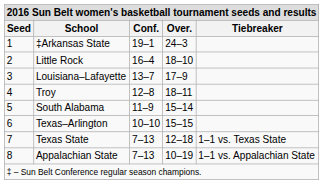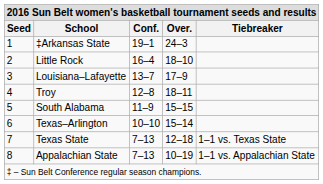 <table class="wikitable" style="white-space:nowrap; font-size:90%;">
 <tr>
 <td colspan="10" style="text-align:center; background:#DDDDDD; font:#000000"><strong>2016 Sun Belt women's basketball tournament seeds and results</strong></td>
 </tr>
 <tr bgcolor="#efefef">
 <th>Seed</th>
 <th>School</th>
 <th>Conf.</th>
 <th>Over.</th>
 <th>Tiebreaker</th>
 </tr>
 <tr>
 <td>1</td>
 <td>‡Arkansas State</td>
 <td>19–1</td>
 <td>24–3</td>
 <td></td>
 </tr>
 <tr>
 <td>2</td>
 <td>Little Rock</td>
 <td>16–4</td>
 <td>18–10</td>
 <td></td>
 </tr>
 <tr>
 <td>3</td>
 <td>Louisiana–Lafayette</td>
 <td>13–7</td>
 <td>17–9</td>
 <td></td>
 </tr>
 <tr>
 <td>4</td>
 <td>Troy</td>
 <td>12–8</td>
 <td>18–11</td>
 <td></td>
 </tr>
 <tr>
 <td>5</td>
 <td>South Alabama</td>
 <td>11–9</td>
-<td>15–14</td>
+<td>15–15</td>
 <td></td>
 </tr>
 <tr>
 <td>6</td>
 <td>Texas–Arlington</td>
 <td>10–10</td>
-<td>15–15</td>
+<td>15–14</td>
 <td></td>
 </tr>
 <tr>
 <td>7</td>
 <td>Texas State</td>
 <td>7–13</td>
 <td>12–18</td>
 <td>1–1 vs. Texas State</td>
 </tr>
 <tr>
 <td>8</td>
 <td>Appalachian State</td>
 <td>7–13</td>
 <td>10–19</td>
 <td>1–1 vs. Appalachian State</td>
 </tr>
 <tr>
 <td colspan="6" style="text-align:left;"><small>‡ – Sun Belt Conference regular season champions.</small></td>
 </tr>
 </table>
